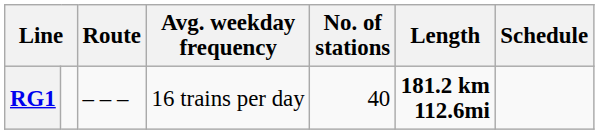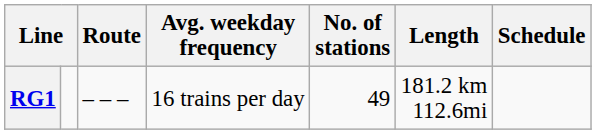 <table class="sortable wikitable">
 <tr>
 <th colspan="2">Line</th>
 <th class="unsortable">Route</th>
 <th>Avg. weekday<br> frequency</th>
 <th data-sort-type="number">No. of<br>stations</th>
 <th>Length</th>
 <th class="unsortable">Schedule</th>
 </tr>
 <tr>
 <th><a href='#'>RG1</a></th>
 <td width=4px style="background-color:#"></td>
 <td> –  –  – </td>
 <td>16 trains per day</td>
-<td style="text-align:right;">40</td>
-<td style="text-align:right;"><strong>181.2 km<br>112.6mi</strong></td>
+<td style="text-align:right;">49</td>
+<td style="text-align:right;">181.2 km<br>112.6mi</td>
 <td style="text-align:center;"></td>
 </tr>
 </table>
